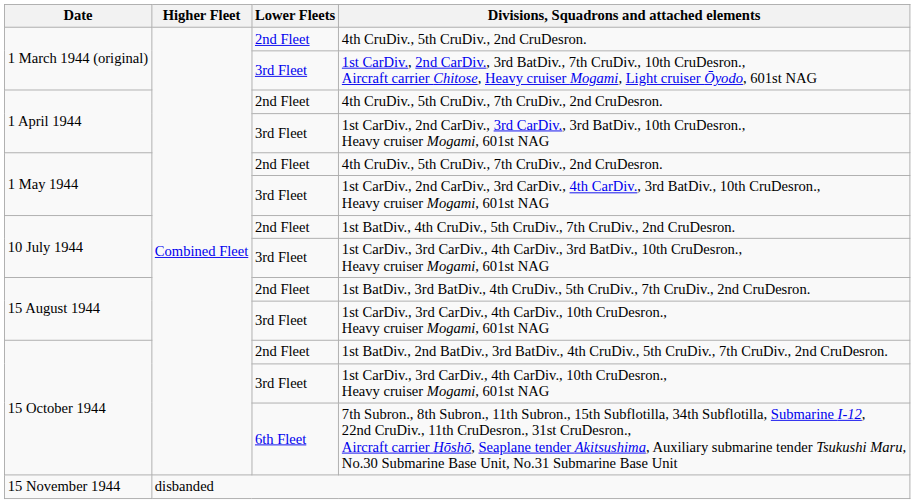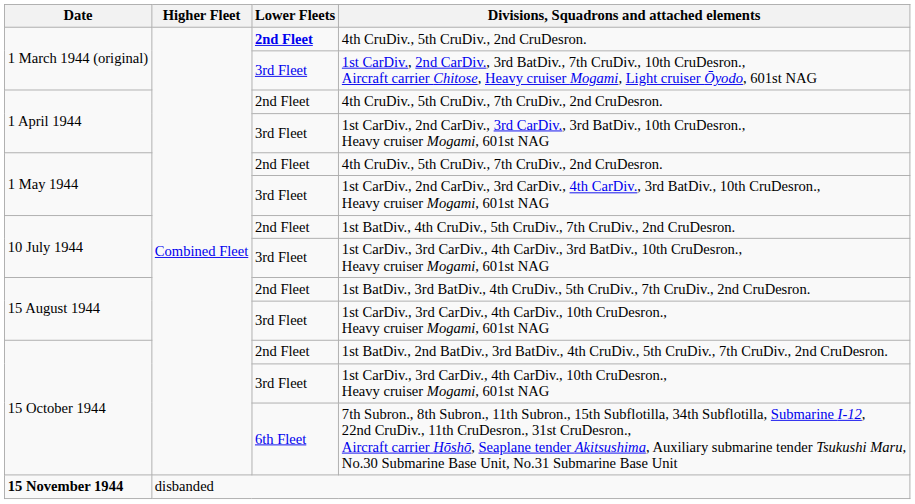 <table class="wikitable">
 <tr>
 <th>Date</th>
 <th>Higher Fleet</th>
 <th>Lower Fleets</th>
 <th>Divisions, Squadrons and attached elements</th>
 </tr>
 <tr>
 <td rowspan="2">1 March 1944 (original)</td>
 <td rowspan="13"><a href='#'>Combined Fleet</a></td>
-<td><a href='#'>2nd Fleet</a></td>
+<td><strong><a href='#'>2nd Fleet</a></strong></td>
 <td>4th CruDiv., 5th CruDiv., 2nd CruDesron.</td>
 </tr>
 <tr>
 <td><a href='#'>3rd Fleet</a></td>
 <td><a href='#'>1st CarDiv.</a>, <a href='#'>2nd CarDiv.</a>, 3rd BatDiv., 7th CruDiv., 10th CruDesron., <br><a href='#'>Aircraft carrier <em>Chitose</em></a>, <a href='#'>Heavy cruiser <em>Mogami</em></a>, <a href='#'>Light cruiser <em>Ōyodo</em></a>, 601st NAG</td>
 </tr>
 <tr>
 <td rowspan="2">1 April 1944</td>
 <td>2nd Fleet</td>
 <td>4th CruDiv., 5th CruDiv., 7th CruDiv., 2nd CruDesron.</td>
 </tr>
 <tr>
 <td>3rd Fleet</td>
 <td>1st CarDiv., 2nd CarDiv., <a href='#'>3rd CarDiv.</a>, 3rd BatDiv., 10th CruDesron., <br>Heavy cruiser <em>Mogami</em>, 601st NAG</td>
 </tr>
 <tr>
 <td rowspan="2">1 May 1944</td>
 <td>2nd Fleet</td>
 <td>4th CruDiv., 5th CruDiv., 7th CruDiv., 2nd CruDesron.</td>
 </tr>
 <tr>
 <td>3rd Fleet</td>
 <td>1st CarDiv., 2nd CarDiv., 3rd CarDiv., <a href='#'>4th CarDiv.</a>, 3rd BatDiv., 10th CruDesron., <br>Heavy cruiser <em>Mogami</em>, 601st NAG</td>
 </tr>
 <tr>
 <td rowspan="2">10 July 1944</td>
 <td>2nd Fleet</td>
 <td>1st BatDiv., 4th CruDiv., 5th CruDiv., 7th CruDiv., 2nd CruDesron.</td>
 </tr>
 <tr>
 <td>3rd Fleet</td>
 <td>1st CarDiv., 3rd CarDiv., 4th CarDiv., 3rd BatDiv., 10th CruDesron., <br>Heavy cruiser <em>Mogami</em>, 601st NAG</td>
 </tr>
 <tr>
 <td rowspan="2">15 August 1944</td>
 <td>2nd Fleet</td>
 <td>1st BatDiv., 3rd BatDiv., 4th CruDiv., 5th CruDiv., 7th CruDiv., 2nd CruDesron.</td>
 </tr>
 <tr>
 <td>3rd Fleet</td>
 <td>1st CarDiv., 3rd CarDiv., 4th CarDiv., 10th CruDesron., <br>Heavy cruiser <em>Mogami</em>, 601st NAG</td>
 </tr>
 <tr>
 <td rowspan="3">15 October 1944</td>
 <td>2nd Fleet</td>
 <td>1st BatDiv., 2nd BatDiv., 3rd BatDiv., 4th CruDiv., 5th CruDiv., 7th CruDiv., 2nd CruDesron.</td>
 </tr>
 <tr>
 <td>3rd Fleet</td>
 <td>1st CarDiv., 3rd CarDiv., 4th CarDiv., 10th CruDesron., <br>Heavy cruiser <em>Mogami</em>, 601st NAG</td>
 </tr>
 <tr>
 <td><a href='#'>6th Fleet</a></td>
 <td>7th Subron., 8th Subron., 11th Subron., 15th Subflotilla, 34th Subflotilla, <a href='#'>Submarine <em>I-12</em></a>,<br>22nd CruDiv., 11th CruDesron., 31st CruDesron.,<br><a href='#'>Aircraft carrier <em>Hōshō</em></a>, <a href='#'>Seaplane tender <em>Akitsushima</em></a>, Auxiliary submarine tender <em>Tsukushi Maru</em>,<br>No.30 Submarine Base Unit, No.31 Submarine Base Unit</td>
 </tr>
 <tr>
-<td>15 November 1944</td>
+<td><strong>15 November 1944</strong></td>
 <td colspan="3">disbanded</td>
 </tr>
 </table>
